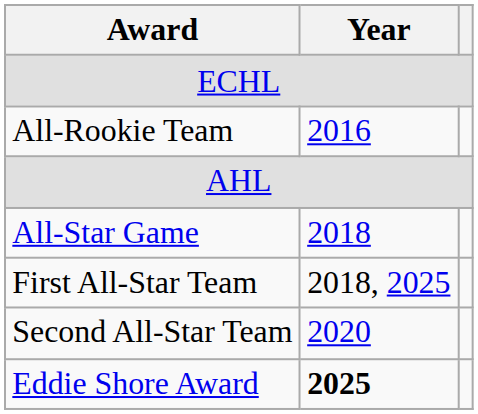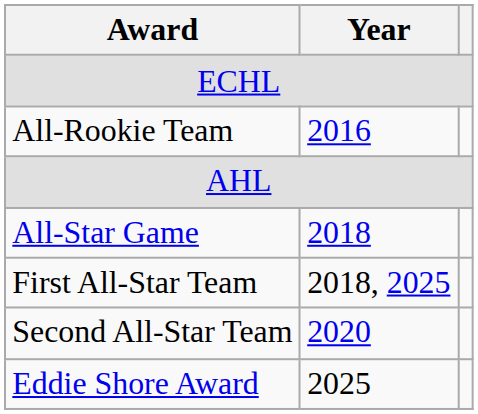 <table class="wikitable">
 <tr>
 <th>Award</th>
 <th>Year</th>
 <th></th>
 </tr>
 <tr ALIGN="center" bgcolor="#e0e0e0">
 <td colspan="3"><a href='#'>ECHL</a></td>
 </tr>
 <tr>
 <td>All-Rookie Team</td>
 <td><a href='#'>2016</a></td>
 <td></td>
 </tr>
 <tr ALIGN="center" bgcolor="#e0e0e0">
 <td colspan="3"><a href='#'>AHL</a></td>
 </tr>
 <tr>
 <td><a href='#'>All-Star Game</a></td>
 <td><a href='#'>2018</a></td>
 <td></td>
 </tr>
 <tr>
 <td>First All-Star Team</td>
 <td>2018, <a href='#'>2025</a></td>
 <td></td>
 </tr>
 <tr>
 <td>Second All-Star Team</td>
 <td><a href='#'>2020</a></td>
 <td></td>
 </tr>
 <tr>
 <td><a href='#'>Eddie Shore Award</a></td>
-<td><strong>2025</strong></td>
+<td>2025</td>
 <td></td>
 </tr>
 </table>
